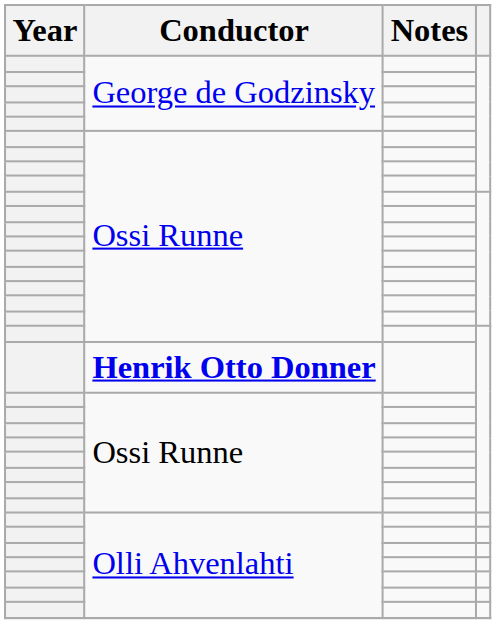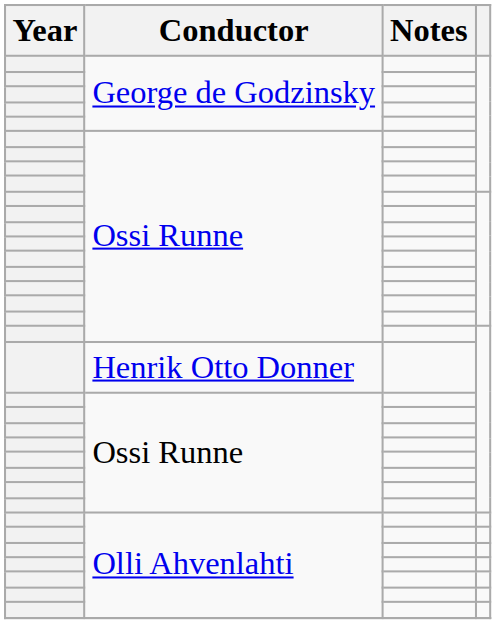 <table class="wikitable plainrowheaders">
 <tr>
 <th>Year</th>
 <th>Conductor</th>
 <th>Notes</th>
 <th></th>
 </tr>
 <tr>
 <th scope="row"></th>
 <td rowspan="5"><a href='#'>George de Godzinsky</a></td>
 <td></td>
 <td rowspan="9"></td>
 </tr>
 <tr>
 <th scope="row"></th>
 <td></td>
 </tr>
 <tr>
 <th scope="row"></th>
 <td></td>
 </tr>
 <tr>
 <th scope="row"></th>
 <td></td>
 </tr>
 <tr>
 <th scope="row"></th>
 <td></td>
 </tr>
 <tr>
 <th scope="row"></th>
 <td rowspan="14"><a href='#'>Ossi Runne</a></td>
 <td></td>
 </tr>
 <tr>
 <th scope="row"></th>
 <td></td>
 </tr>
 <tr>
 <th scope="row"></th>
 <td></td>
 </tr>
 <tr>
 <th scope="row"></th>
 <td></td>
 </tr>
 <tr>
 <th scope="row"></th>
 <td></td>
 <td rowspan="9"></td>
 </tr>
 <tr>
 <th scope="row"></th>
 <td></td>
 </tr>
 <tr>
 <th scope="row"></th>
 <td></td>
 </tr>
 <tr>
 <th scope="row"></th>
 <td></td>
 </tr>
 <tr>
 <th scope="row"></th>
 <td></td>
 </tr>
 <tr>
 <th scope="row"></th>
 <td></td>
 </tr>
 <tr>
 <th scope="row"></th>
 <td></td>
 </tr>
 <tr>
 <th scope="row"></th>
 <td></td>
 </tr>
 <tr>
 <th scope="row"></th>
 <td></td>
 </tr>
 <tr>
 <th scope="row"></th>
 <td></td>
 <td rowspan="10"></td>
 </tr>
 <tr>
 <th scope="row"></th>
-<td><strong><a href='#'>Henrik Otto Donner</a></strong></td>
+<td><a href='#'>Henrik Otto Donner</a></td>
 <td></td>
 </tr>
 <tr>
 <th scope="row"></th>
 <td rowspan="8">Ossi Runne</td>
 <td></td>
 </tr>
 <tr>
 <th scope="row"></th>
 <td></td>
 </tr>
 <tr>
 <th scope="row"></th>
 <td></td>
 </tr>
 <tr>
 <th scope="row"></th>
 <td></td>
 </tr>
 <tr>
 <th scope="row"></th>
 <td></td>
 </tr>
 <tr>
 <th scope="row"></th>
 <td></td>
 </tr>
 <tr>
 <th scope="row"></th>
 <td></td>
 </tr>
 <tr>
 <th scope="row"></th>
 <td></td>
 </tr>
 <tr>
 <th scope="row"></th>
 <td rowspan="7"><a href='#'>Olli Ahvenlahti</a></td>
 <td></td>
 <td></td>
 </tr>
 <tr>
 <th scope="row"></th>
 <td></td>
 <td></td>
 </tr>
 <tr>
 <th scope="row"></th>
 <td></td>
 <td></td>
 </tr>
 <tr>
 <th scope="row"></th>
 <td></td>
 <td></td>
 </tr>
 <tr>
 <th scope="row"></th>
 <td></td>
 <td></td>
 </tr>
 <tr>
 <th scope="row"></th>
 <td></td>
 <td></td>
 </tr>
 <tr>
 <th scope="row"></th>
 <td></td>
 <td></td>
 </tr>
 <tr>
 </tr>
 </table>
